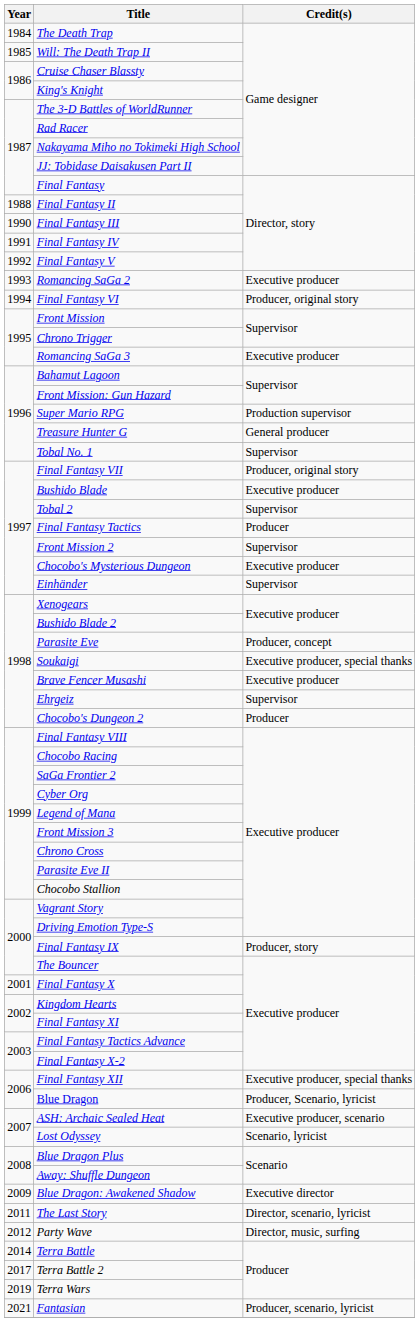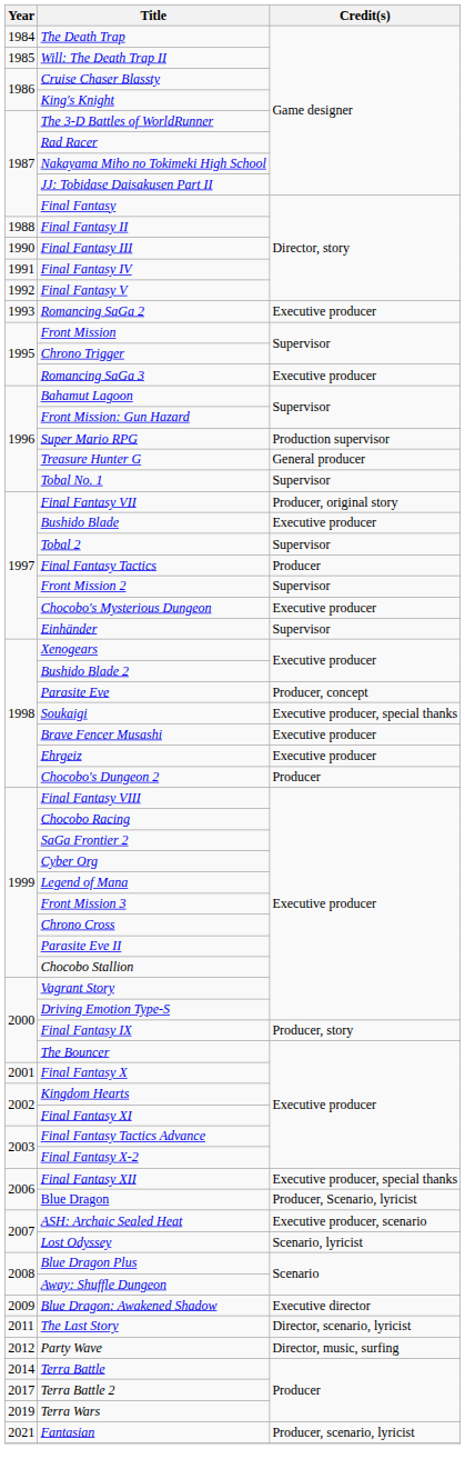 <table class="wikitable sortable" style=>
 <tr>
 <th scope="col">Year</th>
 <th scope="col">Title</th>
 <th scope="col">Credit(s)</th>
 </tr>
 <tr>
 <td>1984</td>
 <td><em><a href='#'>The Death Trap</a></em></td>
 <td rowspan="8">Game designer</td>
 </tr>
 <tr>
 <td>1985</td>
 <td><em><a href='#'>Will: The Death Trap II</a></em></td>
 </tr>
 <tr>
 <td rowspan="2">1986</td>
 <td><em><a href='#'>Cruise Chaser Blassty</a></em></td>
 </tr>
 <tr>
 <td><em><a href='#'>King's Knight</a></em></td>
 </tr>
 <tr>
 <td rowspan="5">1987</td>
 <td><em><a href='#'>The 3-D Battles of WorldRunner</a></em></td>
 </tr>
 <tr>
 <td><em><a href='#'>Rad Racer</a></em></td>
 </tr>
 <tr>
 <td><em><a href='#'>Nakayama Miho no Tokimeki High School</a></em></td>
 </tr>
 <tr>
 <td><em><a href='#'>JJ: Tobidase Daisakusen Part II</a></em></td>
 </tr>
 <tr>
 <td><em><a href='#'>Final Fantasy</a></em></td>
 <td rowspan="5">Director, story</td>
 </tr>
 <tr>
 <td>1988</td>
 <td><em><a href='#'>Final Fantasy II</a></em></td>
 </tr>
 <tr>
 <td>1990</td>
 <td><em><a href='#'>Final Fantasy III</a></em></td>
 </tr>
 <tr>
 <td>1991</td>
 <td><em><a href='#'>Final Fantasy IV</a></em></td>
 </tr>
 <tr>
 <td>1992</td>
 <td><em><a href='#'>Final Fantasy V</a></em></td>
 </tr>
 <tr>
 <td>1993</td>
 <td><em><a href='#'>Romancing SaGa 2</a></em></td>
 <td>Executive producer</td>
-</tr>
-<tr>
-<td>1994</td>
-<td><em><a href='#'>Final Fantasy VI</a></em></td>
-<td>Producer, original story</td>
 </tr>
 <tr>
 <td rowspan="3">1995</td>
 <td><em><a href='#'>Front Mission</a></em></td>
 <td rowspan="2">Supervisor</td>
 </tr>
 <tr>
 <td><em><a href='#'>Chrono Trigger</a></em></td>
 </tr>
 <tr>
 <td><em><a href='#'>Romancing SaGa 3</a></em></td>
 <td>Executive producer</td>
 </tr>
 <tr>
 <td rowspan="5">1996</td>
 <td><em><a href='#'>Bahamut Lagoon</a></em></td>
 <td rowspan="2'">Supervisor</td>
 </tr>
 <tr>
 <td><em><a href='#'>Front Mission: Gun Hazard</a></em></td>
 </tr>
 <tr>
 <td><em><a href='#'>Super Mario RPG</a></em></td>
 <td>Production supervisor</td>
 </tr>
 <tr>
 <td><em><a href='#'>Treasure Hunter G</a></em></td>
 <td>General producer</td>
 </tr>
 <tr>
 <td><em><a href='#'>Tobal No. 1</a></em></td>
 <td>Supervisor</td>
 </tr>
 <tr>
 <td rowspan="7">1997</td>
 <td><em><a href='#'>Final Fantasy VII</a></em></td>
 <td>Producer, original story</td>
 </tr>
 <tr>
 <td><em><a href='#'>Bushido Blade</a></em></td>
 <td>Executive producer</td>
 </tr>
 <tr>
 <td><em><a href='#'>Tobal 2</a></em></td>
 <td>Supervisor</td>
 </tr>
 <tr>
 <td><em><a href='#'>Final Fantasy Tactics</a></em></td>
 <td>Producer</td>
 </tr>
 <tr>
 <td><em><a href='#'>Front Mission 2</a></em></td>
 <td>Supervisor</td>
 </tr>
 <tr>
 <td><em><a href='#'>Chocobo's Mysterious Dungeon</a></em></td>
 <td>Executive producer</td>
 </tr>
 <tr>
 <td><em><a href='#'>Einhänder</a></em></td>
 <td>Supervisor</td>
 </tr>
 <tr>
 <td rowspan="7">1998</td>
 <td><em><a href='#'>Xenogears</a></em></td>
 <td rowspan="2">Executive producer</td>
 </tr>
 <tr>
 <td><em><a href='#'>Bushido Blade 2</a></em></td>
 </tr>
 <tr>
 <td><em><a href='#'>Parasite Eve</a></em></td>
 <td>Producer, concept</td>
 </tr>
 <tr>
 <td><em><a href='#'>Soukaigi</a></em></td>
 <td>Executive producer, special thanks</td>
 </tr>
 <tr>
 <td><em><a href='#'>Brave Fencer Musashi</a></em></td>
 <td>Executive producer</td>
 </tr>
 <tr>
 <td><em><a href='#'>Ehrgeiz</a></em></td>
-<td>Supervisor</td>
+<td>Executive producer</td>
 </tr>
 <tr>
 <td><em><a href='#'>Chocobo's Dungeon 2</a></em></td>
 <td>Producer</td>
 </tr>
 <tr>
 <td rowspan="9">1999</td>
 <td><em><a href='#'>Final Fantasy VIII</a></em></td>
 <td rowspan="11">Executive producer</td>
 </tr>
 <tr>
 <td><em><a href='#'>Chocobo Racing</a></em></td>
 </tr>
 <tr>
 <td><em><a href='#'>SaGa Frontier 2</a></em></td>
 </tr>
 <tr>
 <td><em><a href='#'>Cyber Org</a></em></td>
 </tr>
 <tr>
 <td><em><a href='#'>Legend of Mana</a></em></td>
 </tr>
 <tr>
 <td><em><a href='#'>Front Mission 3</a></em></td>
 </tr>
 <tr>
 <td><em><a href='#'>Chrono Cross</a></em></td>
 </tr>
 <tr>
 <td><em><a href='#'>Parasite Eve II</a></em></td>
 </tr>
 <tr>
 <td><em>Chocobo Stallion</em></td>
 </tr>
 <tr>
 <td rowspan="4">2000</td>
 <td><em><a href='#'>Vagrant Story</a></em></td>
 </tr>
 <tr>
 <td><em><a href='#'>Driving Emotion Type-S</a></em></td>
 </tr>
 <tr>
 <td><em><a href='#'>Final Fantasy IX</a></em></td>
 <td>Producer, story</td>
 </tr>
 <tr>
 <td><em><a href='#'>The Bouncer</a></em></td>
 <td rowspan="6">Executive producer</td>
 </tr>
 <tr>
 <td>2001</td>
 <td><em><a href='#'>Final Fantasy X</a></em></td>
 </tr>
 <tr>
 <td rowspan="2">2002</td>
 <td><em><a href='#'>Kingdom Hearts</a></em></td>
 </tr>
 <tr>
 <td><em><a href='#'>Final Fantasy XI</a></em></td>
 </tr>
 <tr>
 <td rowspan="2">2003</td>
 <td><em><a href='#'>Final Fantasy Tactics Advance</a></em></td>
 </tr>
 <tr>
 <td><em><a href='#'>Final Fantasy X-2</a></em></td>
 </tr>
 <tr>
 <td rowspan="2">2006</td>
 <td><em><a href='#'>Final Fantasy XII</a></em></td>
 <td>Executive producer, special thanks</td>
 </tr>
 <tr>
 <td><a href='#'>Blue Dragon</a></td>
 <td>Producer, Scenario, lyricist</td>
 </tr>
 <tr>
 <td rowspan="2">2007</td>
 <td><em><a href='#'>ASH: Archaic Sealed Heat</a></em></td>
 <td>Executive producer, scenario</td>
 </tr>
 <tr>
 <td><em><a href='#'>Lost Odyssey</a></em></td>
 <td>Scenario, lyricist</td>
 </tr>
 <tr>
 <td rowspan="2">2008</td>
 <td><em><a href='#'>Blue Dragon Plus</a></em></td>
 <td rowspan="2">Scenario</td>
 </tr>
 <tr>
 <td><em><a href='#'>Away: Shuffle Dungeon</a></em></td>
 </tr>
 <tr>
 <td>2009</td>
 <td><em><a href='#'>Blue Dragon: Awakened Shadow</a></em></td>
 <td>Executive director</td>
 </tr>
 <tr>
 <td>2011</td>
 <td><em><a href='#'>The Last Story</a></em></td>
 <td>Director, scenario, lyricist</td>
 </tr>
 <tr>
 <td>2012</td>
 <td><em>Party Wave</em></td>
 <td>Director, music, surfing</td>
 </tr>
 <tr>
 <td>2014</td>
 <td><em><a href='#'>Terra Battle</a></em></td>
 <td rowspan="3">Producer</td>
 </tr>
 <tr>
 <td>2017</td>
 <td><em>Terra Battle 2</em></td>
 </tr>
 <tr>
 <td>2019</td>
 <td><em>Terra Wars</em></td>
 </tr>
 <tr>
 <td>2021</td>
 <td><em><a href='#'>Fantasian</a></em></td>
 <td>Producer, scenario, lyricist</td>
 </tr>
 <tr>
 </tr>
 </table>
